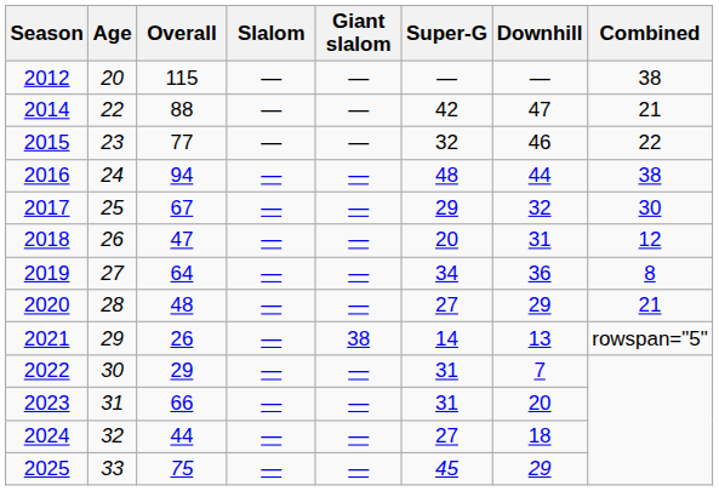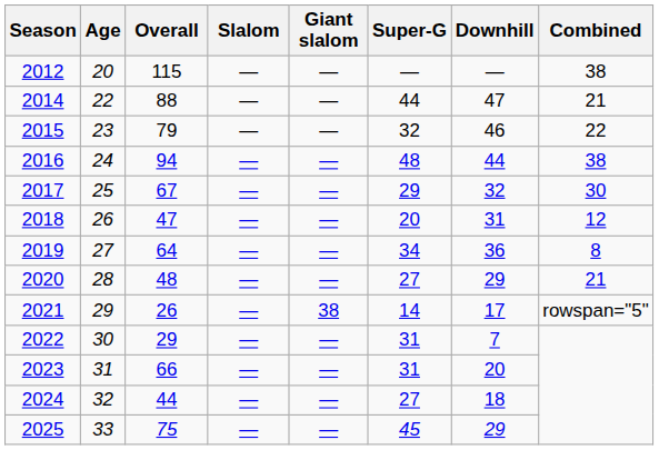 <table class=wikitable style="text-align:center">
 <tr>
 <th>Season</th>
 <th>Age</th>
 <th> Overall </th>
 <th> Slalom </th>
 <th>Giant<br> slalom </th>
 <th>Super-G</th>
 <th>Downhill</th>
 <th>Combined</th>
 </tr>
 <tr>
 <td><a href='#'>2012</a></td>
 <td><em>20</em></td>
 <td>115</td>
 <td>—</td>
 <td>—</td>
 <td>—</td>
 <td>—</td>
 <td>38</td>
 </tr>
 <tr>
 <td><a href='#'>2014</a></td>
 <td><em>22</em></td>
 <td>88</td>
 <td>—</td>
 <td>—</td>
-<td>42</td>
+<td>44</td>
 <td>47</td>
 <td>21</td>
 </tr>
 <tr>
 <td><a href='#'>2015</a></td>
 <td><em>23</em></td>
-<td>77</td>
+<td>79</td>
 <td>—</td>
 <td>—</td>
 <td>32</td>
 <td>46</td>
 <td>22</td>
 </tr>
 <tr>
 <td><a href='#'>2016</a></td>
 <td><em>24</em></td>
 <td><a href='#'>94</a></td>
 <td><a href='#'>—</a></td>
 <td><a href='#'>—</a></td>
 <td><a href='#'>48</a></td>
 <td><a href='#'>44</a></td>
 <td><a href='#'>38</a></td>
 </tr>
 <tr>
 <td><a href='#'>2017</a></td>
 <td><em>25</em></td>
 <td><a href='#'>67</a></td>
 <td><a href='#'>—</a></td>
 <td><a href='#'>—</a></td>
 <td><a href='#'>29</a></td>
 <td><a href='#'>32</a></td>
 <td><a href='#'>30</a></td>
 </tr>
 <tr>
 <td><a href='#'>2018</a></td>
 <td><em>26</em></td>
 <td><a href='#'>47</a></td>
 <td><a href='#'>—</a></td>
 <td><a href='#'>—</a></td>
 <td><a href='#'>20</a></td>
 <td><a href='#'>31</a></td>
 <td><a href='#'>12</a></td>
 </tr>
 <tr>
 <td><a href='#'>2019</a></td>
 <td><em>27</em></td>
 <td><a href='#'>64</a></td>
 <td><a href='#'>—</a></td>
 <td><a href='#'>—</a></td>
 <td><a href='#'>34</a></td>
 <td><a href='#'>36</a></td>
 <td><a href='#'>8</a></td>
 </tr>
 <tr>
 <td><a href='#'>2020</a></td>
 <td><em>28</em></td>
 <td><a href='#'>48</a></td>
 <td><a href='#'>—</a></td>
 <td><a href='#'>—</a></td>
 <td><a href='#'>27</a></td>
 <td><a href='#'>29</a></td>
 <td><a href='#'>21</a></td>
 </tr>
 <tr>
 <td><a href='#'>2021</a></td>
 <td><em>29</em></td>
 <td><a href='#'>26</a></td>
 <td><a href='#'>—</a></td>
 <td><a href='#'>38</a></td>
 <td><a href='#'>14</a></td>
-<td><a href='#'>13</a></td>
+<td><a href='#'>17</a></td>
 <td>rowspan="5" </td>
 </tr>
 <tr>
 <td><a href='#'>2022</a></td>
 <td><em>30</em></td>
 <td><a href='#'>29</a></td>
 <td><a href='#'>—</a></td>
 <td><a href='#'>—</a></td>
 <td><a href='#'>31</a></td>
 <td><a href='#'>7</a></td>
 </tr>
 <tr>
 <td><a href='#'>2023</a></td>
 <td><em>31</em></td>
 <td><a href='#'>66</a></td>
 <td><a href='#'>—</a></td>
 <td><a href='#'>—</a></td>
 <td><a href='#'>31</a></td>
 <td><a href='#'>20</a></td>
 </tr>
 <tr>
 <td><a href='#'>2024</a></td>
 <td><em>32</em></td>
 <td><a href='#'>44</a></td>
 <td><a href='#'>—</a></td>
 <td><a href='#'>—</a></td>
 <td><a href='#'>27</a></td>
 <td><a href='#'>18</a></td>
 </tr>
 <tr>
 <td><a href='#'>2025</a></td>
 <td><em>33</em></td>
 <td><a href='#'><em>75</em></a></td>
 <td><a href='#'>—</a></td>
 <td><a href='#'>—</a></td>
 <td><a href='#'><em>45</em></a></td>
 <td><a href='#'><em>29</em></a></td>
 </tr>
 </table>
